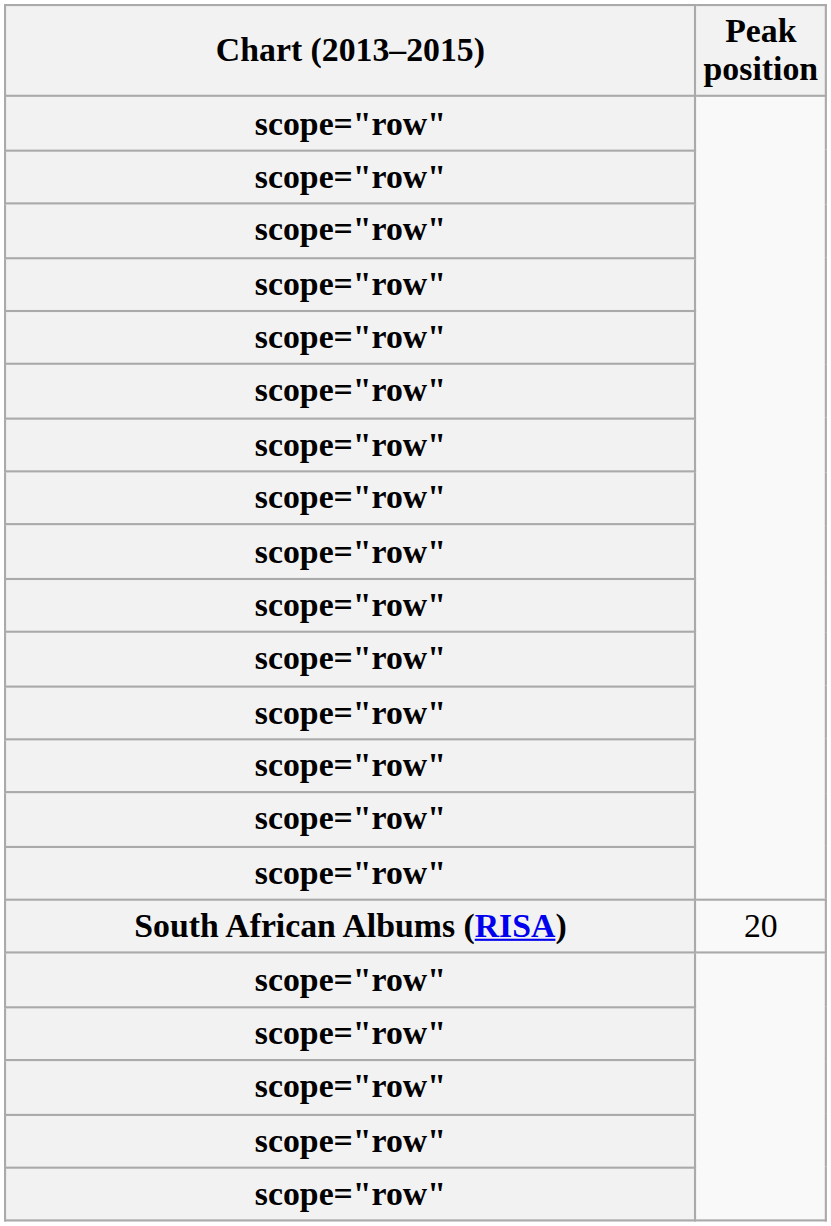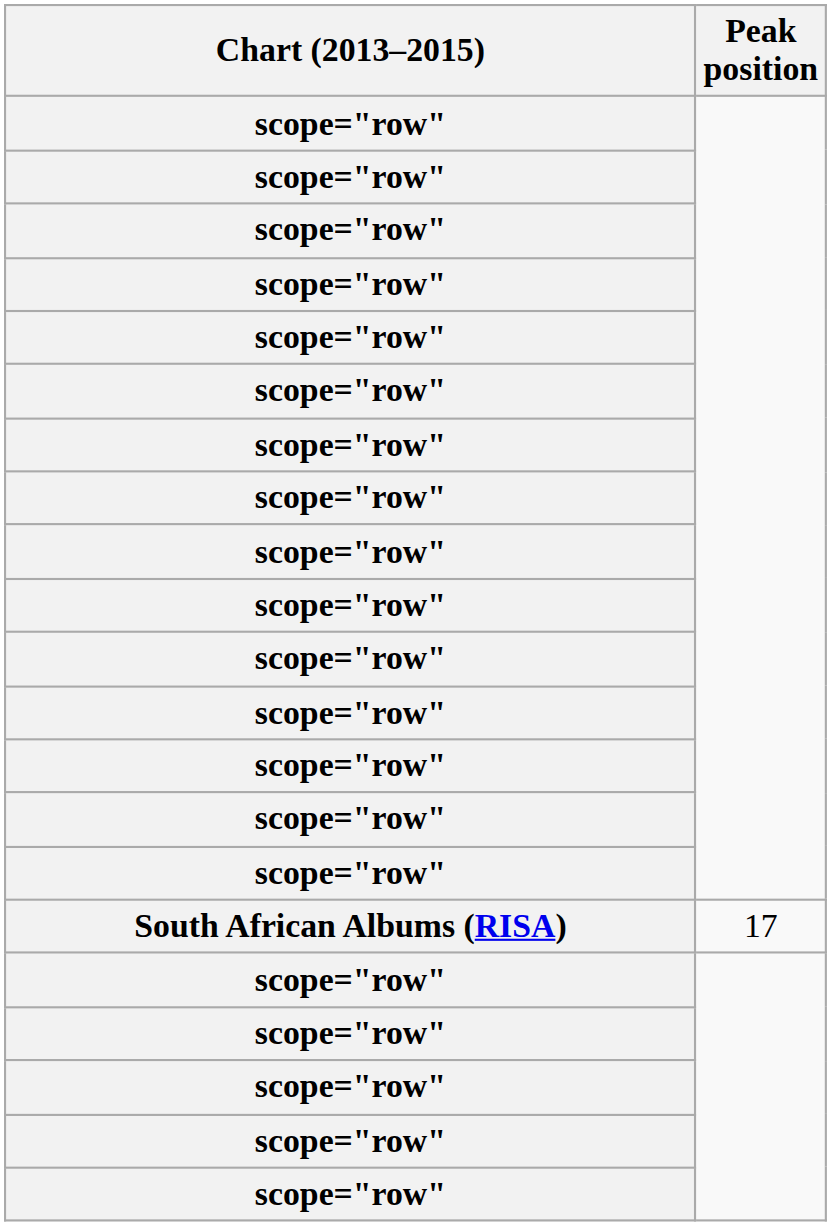 <table class="wikitable plainrowheaders sortable" style="text-align:center;">
 <tr>
 <th scope="col" style="width:20em;">Chart (2013–2015)</th>
 <th scope="col">Peak<br>position</th>
 </tr>
 <tr>
 <th>scope="row" </th>
 </tr>
 <tr>
 <th>scope="row" </th>
 </tr>
 <tr>
 <th>scope="row" </th>
 </tr>
 <tr>
 <th>scope="row" </th>
 </tr>
 <tr>
 <th>scope="row" </th>
 </tr>
 <tr>
 <th>scope="row" </th>
 </tr>
 <tr>
 <th>scope="row" </th>
 </tr>
 <tr>
 <th>scope="row" </th>
 </tr>
 <tr>
 <th>scope="row" </th>
 </tr>
 <tr>
 <th>scope="row" </th>
 </tr>
 <tr>
 <th>scope="row" </th>
 </tr>
 <tr>
 <th>scope="row" </th>
 </tr>
 <tr>
 <th>scope="row" </th>
 </tr>
 <tr>
 <th>scope="row" </th>
 </tr>
 <tr>
 <th>scope="row" </th>
 </tr>
 <tr>
 <th scope="row">South African Albums (<a href='#'>RISA</a>)</th>
-<td style="text-align:center;">20</td>
+<td style="text-align:center;">17</td>
 </tr>
 <tr>
 <th>scope="row" </th>
 </tr>
 <tr>
 <th>scope="row" </th>
 </tr>
 <tr>
 <th>scope="row" </th>
 </tr>
 <tr>
 <th>scope="row" </th>
 </tr>
 <tr>
 <th>scope="row" </th>
 </tr>
 </table>
